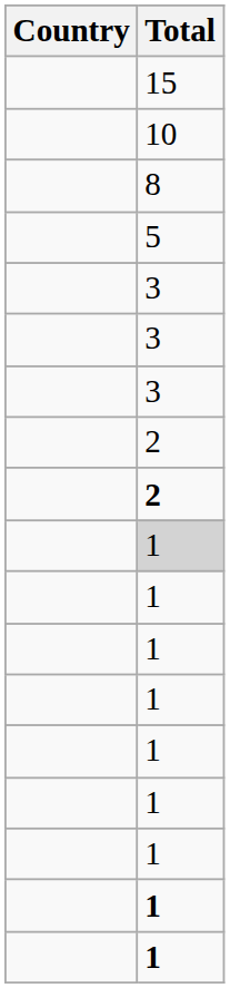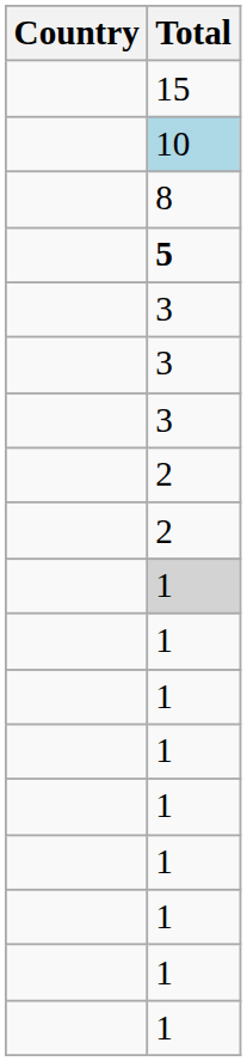 <table class="wikitable sortable">
 <tr>
 <th>Country</th>
 <th>Total</th>
 </tr>
 <tr>
 <td></td>
 <td>15</td>
 </tr>
 <tr>
 <td></td>
-<td>10</td>
+<td style="background: lightblue;">10</td>
 </tr>
 <tr>
 <td></td>
 <td>8</td>
 </tr>
 <tr>
 <td></td>
-<td>5</td>
+<td><strong>5</strong></td>
 </tr>
 <tr>
 <td></td>
 <td>3</td>
 </tr>
 <tr>
 <td></td>
 <td>3</td>
 </tr>
 <tr>
 <td></td>
 <td>3</td>
 </tr>
 <tr>
 <td></td>
 <td>2</td>
 </tr>
 <tr>
 <td></td>
-<td><strong>2</strong></td>
+<td>2</td>
 </tr>
 <tr>
 <td></td>
 <td style="background: lightgrey;">1</td>
 </tr>
 <tr>
 <td></td>
 <td>1</td>
 </tr>
 <tr>
 <td></td>
 <td>1</td>
 </tr>
 <tr>
 <td></td>
 <td>1</td>
 </tr>
 <tr>
 <td></td>
 <td>1</td>
 </tr>
 <tr>
 <td></td>
 <td>1</td>
 </tr>
 <tr>
 <td></td>
 <td>1</td>
 </tr>
 <tr>
 <td></td>
-<td><strong>1</strong></td>
+<td>1</td>
 </tr>
 <tr>
 <td></td>
-<td><strong>1</strong></td>
+<td>1</td>
 </tr>
 </table>
